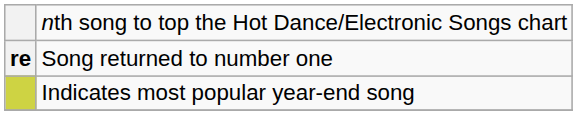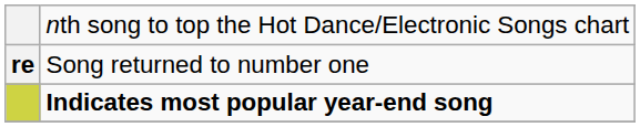 <table class="wikitable plainrowheaders" style="font-size:90%;">
 <tr>
 <th scope=col></th>
 <td><em>n</em>th song to top the Hot Dance/Electronic Songs chart</td>
 </tr>
 <tr>
 <th scope=row style="text-align:center;">re</th>
 <td>Song returned to number one</td>
 </tr>
 <tr>
 <td style="background-color:#ced343"> </td>
-<td>Indicates most popular year-end song</td>
+<td><strong>Indicates most popular year-end song</strong></td>
 </tr>
 <tr>
 </tr>
 </table>
